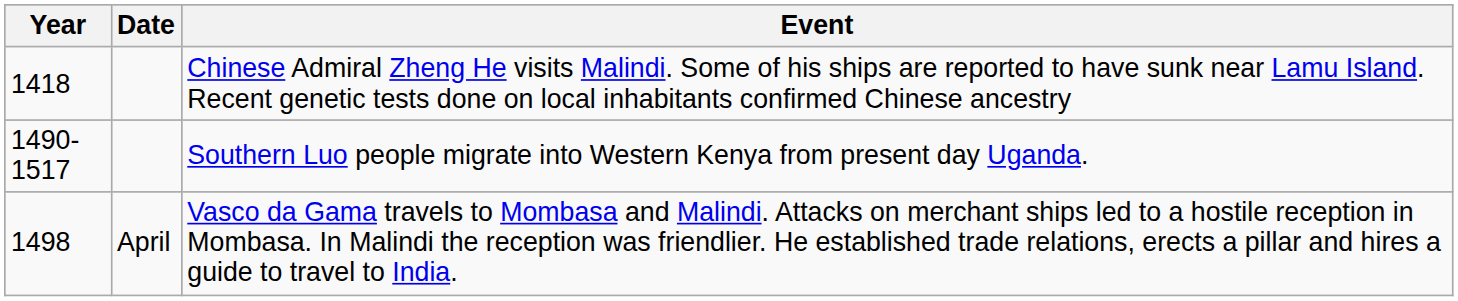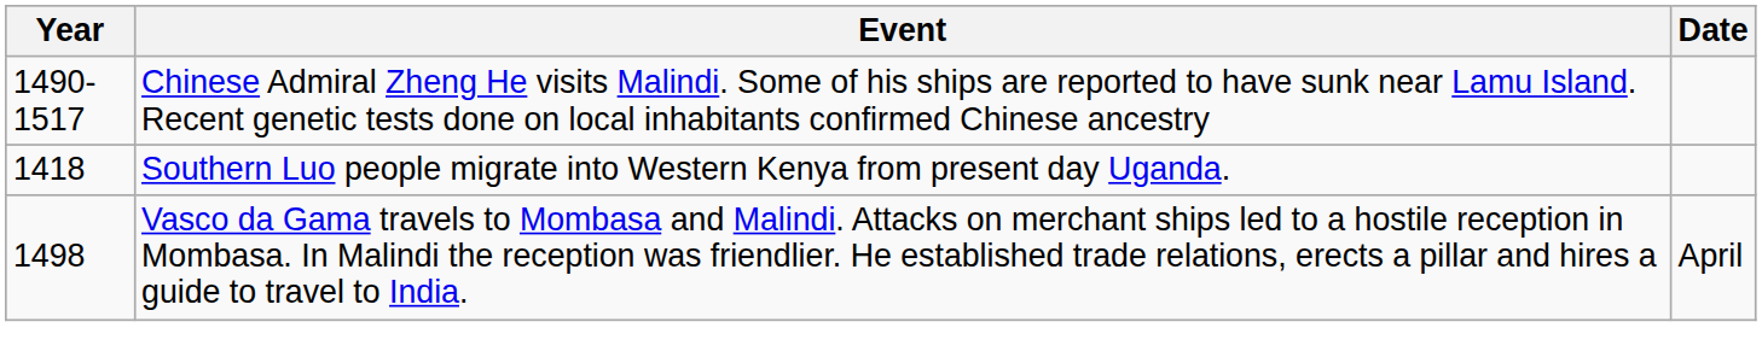 <table class="wikitable">
 <tr>
 <th>Year</th>
+<th>Event</th>
 <th>Date</th>
-<th>Event</th>
+</tr>
+<tr>
+<td>1490-1517</td>
+<td><a href='#'>Chinese</a> Admiral <a href='#'>Zheng He</a> visits <a href='#'>Malindi</a>. Some of his ships are reported to have sunk near <a href='#'>Lamu Island</a>. Recent genetic tests done on local inhabitants confirmed Chinese ancestry</td>
+<td></td>
 </tr>
 <tr>
 <td>1418</td>
+<td><a href='#'>Southern Luo</a> people migrate into Western Kenya from present day <a href='#'>Uganda</a>.</td>
 <td></td>
-<td><a href='#'>Chinese</a> Admiral <a href='#'>Zheng He</a> visits <a href='#'>Malindi</a>. Some of his ships are reported to have sunk near <a href='#'>Lamu Island</a>. Recent genetic tests done on local inhabitants confirmed Chinese ancestry</td>
-</tr>
-<tr>
-<td>1490-1517</td>
-<td></td>
-<td><a href='#'>Southern Luo</a> people migrate into Western Kenya from present day <a href='#'>Uganda</a>.</td>
 </tr>
 <tr>
 <td>1498</td>
+<td><a href='#'>Vasco da Gama</a> travels to <a href='#'>Mombasa</a> and <a href='#'>Malindi</a>. Attacks on merchant ships led to a hostile reception in Mombasa. In Malindi the reception was friendlier. He established trade relations, erects a pillar and hires a guide to travel to <a href='#'>India</a>.</td>
 <td>April</td>
-<td><a href='#'>Vasco da Gama</a> travels to <a href='#'>Mombasa</a> and <a href='#'>Malindi</a>. Attacks on merchant ships led to a hostile reception in Mombasa. In Malindi the reception was friendlier. He established trade relations, erects a pillar and hires a guide to travel to <a href='#'>India</a>.</td>
 </tr>
 </table>
